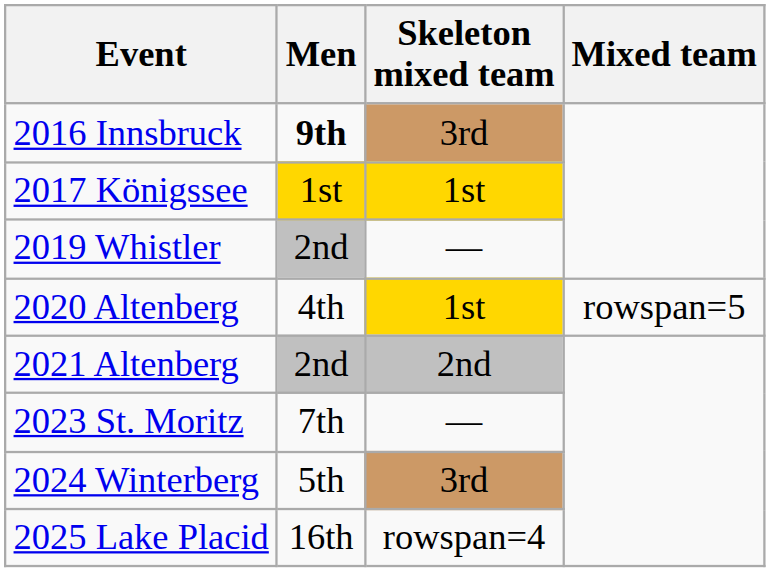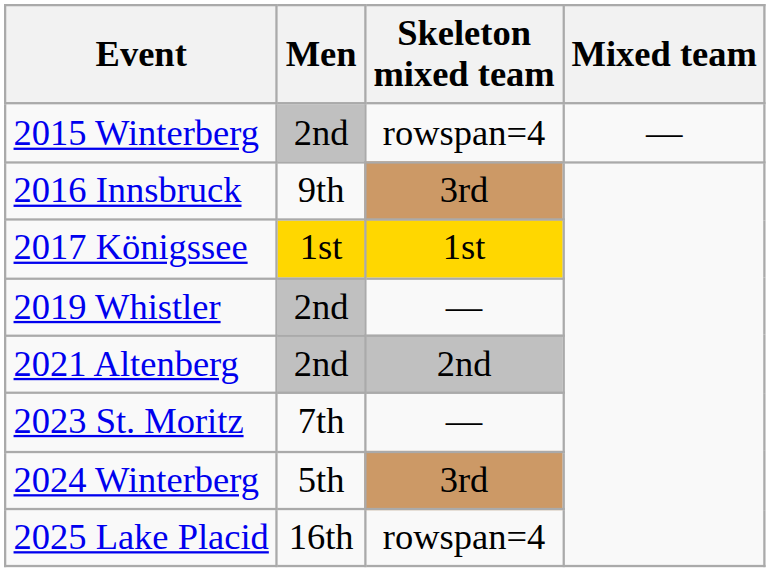 <table class="wikitable" style="text-align:center">
 <tr>
 <th>Event</th>
 <th>Men</th>
 <th>Skeleton<br>mixed team</th>
 <th>Mixed team</th>
 </tr>
 <tr>
+<td style="text-align:left"> <a href='#'>2015 Winterberg</a></td>
+<td style="background:silver">2nd</td>
+<td>rowspan=4 </td>
+<td>—</td>
+</tr>
+<tr>
 <td style="text-align:left"> <a href='#'>2016 Innsbruck</a></td>
-<td><strong>9th</strong></td>
+<td>9th</td>
 <td style="background:#CC9966">3rd</td>
 </tr>
 <tr>
 <td style="text-align:left"> <a href='#'>2017 Königssee</a></td>
 <td style="background:gold">1st</td>
 <td style="background:gold">1st</td>
 </tr>
 <tr>
 <td style="text-align:left"> <a href='#'>2019 Whistler</a></td>
 <td style="background:silver">2nd</td>
 <td>—</td>
-</tr>
-<tr>
-<td style="text-align:left"> <a href='#'>2020 Altenberg</a></td>
-<td>4th</td>
-<td style="background:gold">1st</td>
-<td>rowspan=5 </td>
 </tr>
 <tr>
 <td style="text-align:left"> <a href='#'>2021 Altenberg</a></td>
 <td style="background:silver">2nd</td>
 <td style="background:silver">2nd</td>
 </tr>
 <tr>
 <td style="text-align:left"> <a href='#'>2023 St. Moritz</a></td>
 <td>7th</td>
 <td>—</td>
 </tr>
 <tr>
 <td style="text-align:left"> <a href='#'>2024 Winterberg</a></td>
 <td>5th</td>
 <td style="background:#CC9966">3rd</td>
 </tr>
 <tr>
 <td style="text-align:left"> <a href='#'>2025 Lake Placid</a></td>
 <td>16th</td>
 <td>rowspan=4 </td>
 </tr>
 </table>
